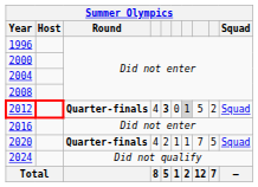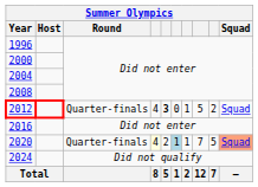 <table class="wikitable" style="text-align: center;font-size:100%;">
 <tr>
 <th colspan="10"><a href='#'>Summer Olympics</a></th>
 </tr>
 <tr>
 <th>Year</th>
 <th>Host</th>
 <th>Round</th>
 <th></th>
 <th></th>
 <th></th>
 <th></th>
 <th></th>
 <th></th>
 <th>Squad</th>
 </tr>
 <tr>
 <td><a href='#'>1996</a></td>
 <td align="left"></td>
 <td colspan="8" rowspan="4"><em>Did not enter</em></td>
 </tr>
 <tr>
 <td><a href='#'>2000</a></td>
 <td align="left"></td>
 </tr>
 <tr>
 <td><a href='#'>2004</a></td>
 <td align="left"></td>
 </tr>
 <tr>
 <td><a href='#'>2008</a></td>
 <td align="left"></td>
 </tr>
 <tr>
 <td style="border: 3px solid red" scope="row"><a href='#'>2012</a></td>
 <td style="border: 3px solid red" scope="row" align="left"></td>
-<td><strong>Quarter-finals</strong></td>
+<td>Quarter-finals</td>
 <td>4</td>
 <td><strong>3</strong></td>
 <td>0</td>
-<td style="background: lightgrey;">1</td>
+<td>1</td>
 <td>5</td>
 <td>2</td>
 <td><a href='#'>Squad</a></td>
 </tr>
 <tr>
 <td><a href='#'>2016</a></td>
 <td align="left"></td>
 <td colspan="8"><em>Did not enter</em></td>
 </tr>
 <tr>
 <td><a href='#'>2020</a></td>
 <td align="left"></td>
-<td><strong>Quarter-finals</strong></td>
-<td>4</td>
+<td>Quarter-finals</td>
+<td style="background: lightyellow;">4</td>
 <td>2</td>
-<td>1</td>
+<td style="background: lightblue;">1</td>
 <td>1</td>
 <td>7</td>
 <td>5</td>
-<td><a href='#'>Squad</a></td>
+<td style="background: lightsalmon;"><a href='#'>Squad</a></td>
 </tr>
 <tr>
 <td><a href='#'>2024</a></td>
 <td align="left"></td>
 <td colspan="8"><em>Did not qualify</em></td>
 </tr>
 <tr>
 <th colspan="2">Total</th>
 <th></th>
 <th>8</th>
 <th>5</th>
 <th>1</th>
 <th>2</th>
 <th>12</th>
 <th>7</th>
 <th>—</th>
 </tr>
 </table>
